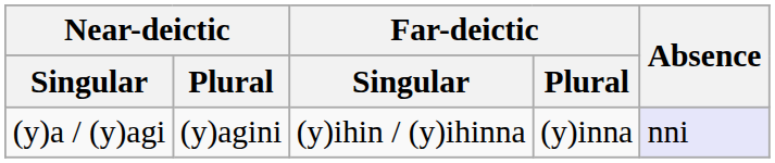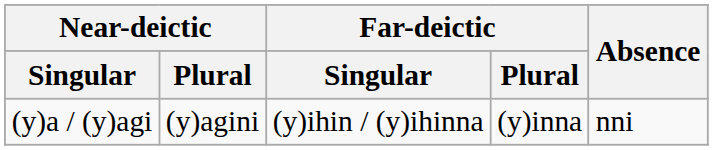 <table class="wikitable">
 <tr>
 <th colspan=2>Near-deictic</th>
 <th colspan=2>Far-deictic</th>
 <th rowspan=2>Absence</th>
 </tr>
 <tr>
 <th>Singular</th>
 <th>Plural</th>
 <th>Singular</th>
 <th>Plural</th>
 </tr>
 <tr>
 <td>(y)a / (y)agi</td>
 <td>(y)agini</td>
 <td>(y)ihin / (y)ihinna</td>
 <td>(y)inna</td>
-<td style="background: lavender;">nni</td>
+<td>nni</td>
 </tr>
 </table>
